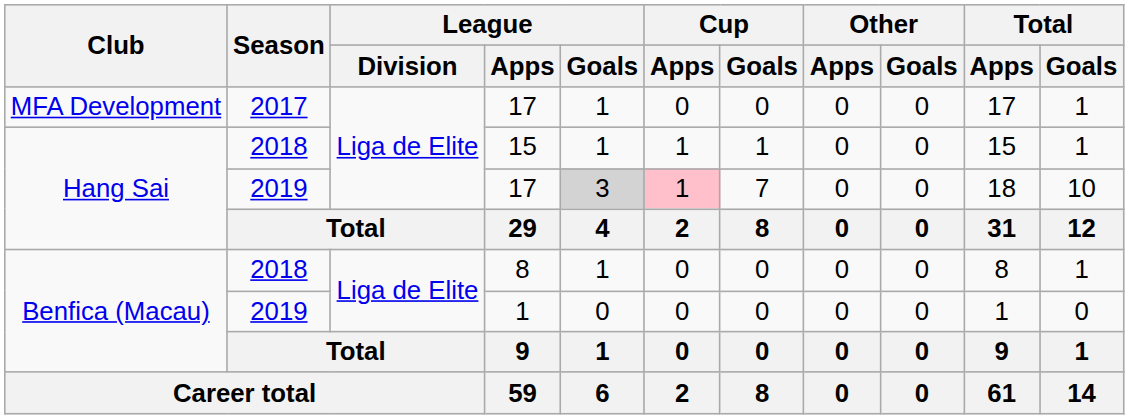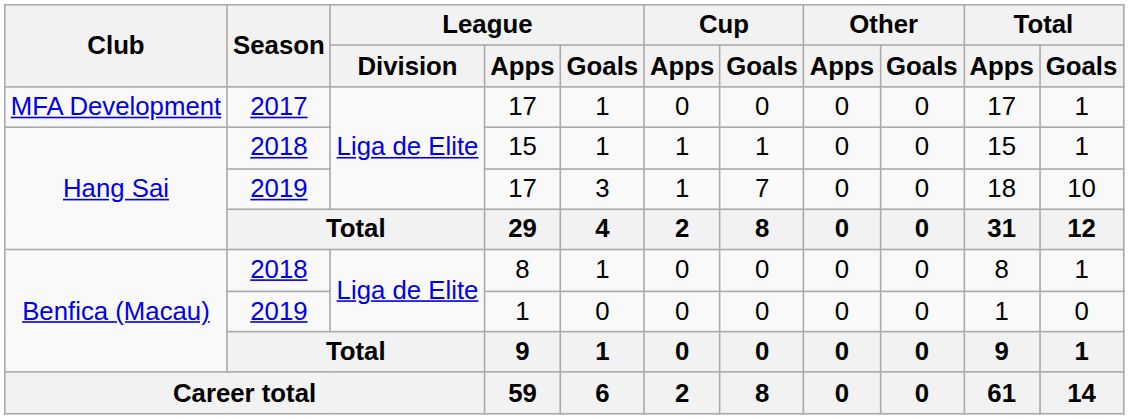 <table class="wikitable" style="text-align: center">
 <tr>
 <th rowspan="2">Club</th>
 <th rowspan="2">Season</th>
 <th colspan="3">League</th>
 <th colspan="2">Cup</th>
 <th colspan="2">Other</th>
 <th colspan="2">Total</th>
 </tr>
 <tr>
 <th>Division</th>
 <th>Apps</th>
 <th>Goals</th>
 <th>Apps</th>
 <th>Goals</th>
 <th>Apps</th>
 <th>Goals</th>
 <th>Apps</th>
 <th>Goals</th>
 </tr>
 <tr>
 <td><a href='#'>MFA Development</a></td>
 <td><a href='#'>2017</a></td>
 <td rowspan="3"><a href='#'>Liga de Elite</a></td>
 <td>17</td>
 <td>1</td>
 <td>0</td>
 <td>0</td>
 <td>0</td>
 <td>0</td>
 <td>17</td>
 <td>1</td>
 </tr>
 <tr>
 <td rowspan="3"><a href='#'>Hang Sai</a></td>
 <td><a href='#'>2018</a></td>
 <td>15</td>
 <td>1</td>
 <td>1</td>
 <td>1</td>
 <td>0</td>
 <td>0</td>
 <td>15</td>
 <td>1</td>
 </tr>
 <tr>
 <td><a href='#'>2019</a></td>
 <td>17</td>
-<td style="background: lightgrey;">3</td>
-<td style="background: pink;">1</td>
+<td>3</td>
+<td>1</td>
 <td>7</td>
 <td>0</td>
 <td>0</td>
 <td>18</td>
 <td>10</td>
 </tr>
 <tr>
 <th colspan="2"><strong>Total</strong></th>
 <th>29</th>
 <th>4</th>
 <th>2</th>
 <th>8</th>
 <th>0</th>
 <th>0</th>
 <th>31</th>
 <th>12</th>
 </tr>
 <tr>
 <td rowspan="3"><a href='#'>Benfica (Macau)</a></td>
 <td><a href='#'>2018</a></td>
 <td rowspan="2"><a href='#'>Liga de Elite</a></td>
 <td>8</td>
 <td>1</td>
 <td>0</td>
 <td>0</td>
 <td>0</td>
 <td>0</td>
 <td>8</td>
 <td>1</td>
 </tr>
 <tr>
 <td><a href='#'>2019</a></td>
 <td>1</td>
 <td>0</td>
 <td>0</td>
 <td>0</td>
 <td>0</td>
 <td>0</td>
 <td>1</td>
 <td>0</td>
 </tr>
 <tr>
 <th colspan="2"><strong>Total</strong></th>
 <th>9</th>
 <th>1</th>
 <th>0</th>
 <th>0</th>
 <th>0</th>
 <th>0</th>
 <th>9</th>
 <th>1</th>
 </tr>
 <tr>
 <th colspan="3"><strong>Career total</strong></th>
 <th>59</th>
 <th>6</th>
 <th>2</th>
 <th>8</th>
 <th>0</th>
 <th>0</th>
 <th>61</th>
 <th>14</th>
 </tr>
 </table>
